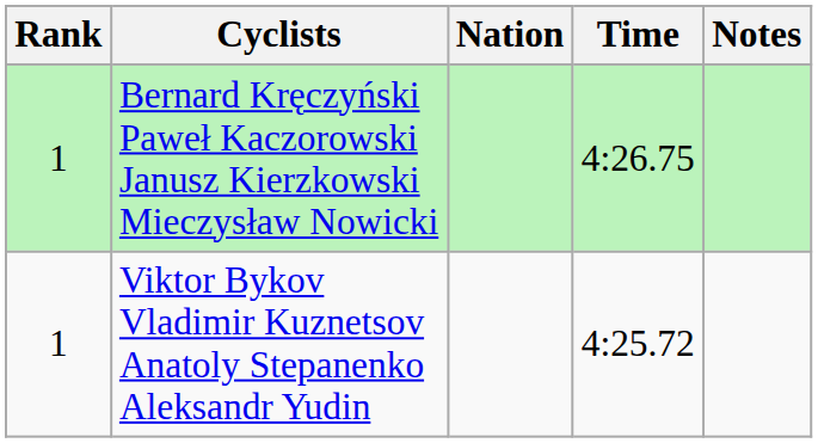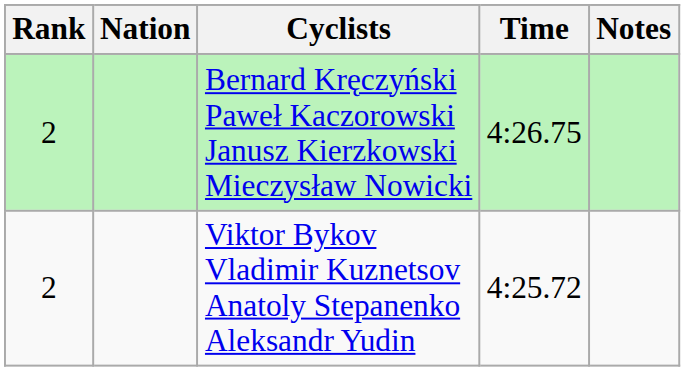 <table class="wikitable sortable" style=text-align:center>
 <tr>
 <th>Rank</th>
+<th>Nation</th>
 <th>Cyclists</th>
-<th>Nation</th>
 <th>Time</th>
 <th>Notes</th>
 </tr>
 <tr bgcolor=bbf3bb>
-<td>1</td>
+<td>2</td>
+<td align=left></td>
 <td align=left><a href='#'>Bernard Kręczyński</a><br><a href='#'>Paweł Kaczorowski</a><br><a href='#'>Janusz Kierzkowski</a><br><a href='#'>Mieczysław Nowicki</a></td>
-<td align=left></td>
 <td>4:26.75</td>
 <td></td>
 </tr>
 <tr>
-<td>1</td>
+<td>2</td>
+<td align=left></td>
 <td align=left><a href='#'>Viktor Bykov</a><br><a href='#'>Vladimir Kuznetsov</a><br><a href='#'>Anatoly Stepanenko</a><br><a href='#'>Aleksandr Yudin</a></td>
-<td align=left></td>
 <td>4:25.72</td>
 <td></td>
 </tr>
 </table>
